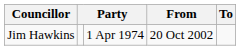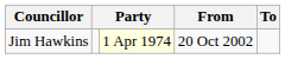 <table class=wikitable>
 <tr>
 <th>Councillor</th>
 <th colspan=2>Party</th>
 <th>From</th>
 <th>To</th>
 </tr>
 <tr>
 <td>Jim Hawkins</td>
 <td></td>
-<td align=right>1 Apr 1974</td>
+<td align=right style="background: lightyellow;">1 Apr 1974</td>
 <td align=right>20 Oct 2002</td>
 </tr>
 </table>
